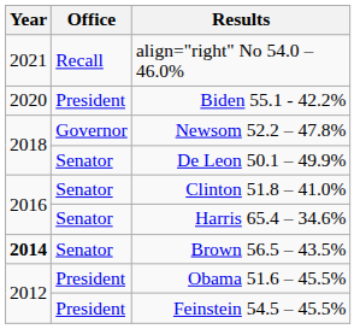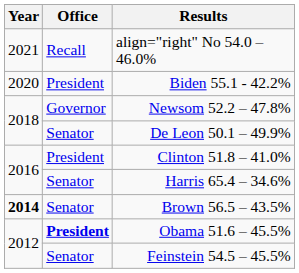 <table class=wikitable>
 <tr>
 <th width="30">Year</th>
 <th width="60">Office</th>
 <th width="180">Results</th>
 </tr>
 <tr>
 <td>2021</td>
 <td><a href='#'>Recall</a></td>
 <td>align="right"  No 54.0 – 46.0%</td>
 </tr>
 <tr>
 <td rowspan="1">2020</td>
 <td><a href='#'>President</a></td>
 <td align="right" ><a href='#'>Biden</a> 55.1 - 42.2%</td>
 </tr>
 <tr>
 <td rowspan="2">2018</td>
 <td><a href='#'>Governor</a></td>
 <td align="right" ><a href='#'>Newsom</a> 52.2 – 47.8%</td>
 </tr>
 <tr>
 <td><a href='#'>Senator</a></td>
 <td align="right" ><a href='#'>De Leon</a> 50.1 – 49.9%</td>
 </tr>
 <tr>
 <td rowspan="2">2016</td>
-<td><a href='#'>Senator</a></td>
+<td><a href='#'>President</a></td>
 <td align="right" ><a href='#'>Clinton</a> 51.8 – 41.0%</td>
 </tr>
 <tr>
 <td><a href='#'>Senator</a></td>
 <td align="right" ><a href='#'>Harris</a> 65.4 – 34.6%</td>
 </tr>
 <tr>
 <td><strong>2014</strong></td>
 <td><a href='#'>Senator</a></td>
 <td align="right" ><a href='#'>Brown</a> 56.5 – 43.5%</td>
 </tr>
 <tr>
 <td rowspan="2">2012</td>
-<td><a href='#'>President</a></td>
+<td><strong><a href='#'>President</a></strong></td>
 <td align="right" ><a href='#'>Obama</a> 51.6 – 45.5%</td>
 </tr>
 <tr>
-<td><a href='#'>President</a></td>
+<td><a href='#'>Senator</a></td>
 <td align="right" ><a href='#'>Feinstein</a> 54.5 – 45.5%</td>
 </tr>
 </table>
